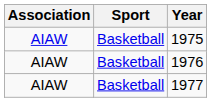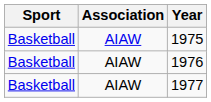 <table class="wikitable" style="text-align:center">
 <tr>
+<th>Sport</th>
 <th>Association</th>
-<th>Sport</th>
 <th>Year</th>
 </tr>
 <tr align="center">
+<td rowspan="1"><a href='#'>Basketball</a></td>
 <td rowspan="1"><a href='#'>AIAW</a></td>
-<td rowspan="1"><a href='#'>Basketball</a></td>
 <td>1975</td>
 </tr>
 <tr align="center">
+<td rowspan="1"><a href='#'>Basketball</a></td>
 <td rowspan="1">AIAW</td>
-<td rowspan="1"><a href='#'>Basketball</a></td>
 <td>1976</td>
 </tr>
 <tr align="center">
+<td rowspan="1"><a href='#'>Basketball</a></td>
 <td rowspan="1">AIAW</td>
-<td rowspan="1"><a href='#'>Basketball</a></td>
 <td>1977</td>
 </tr>
 </table>
